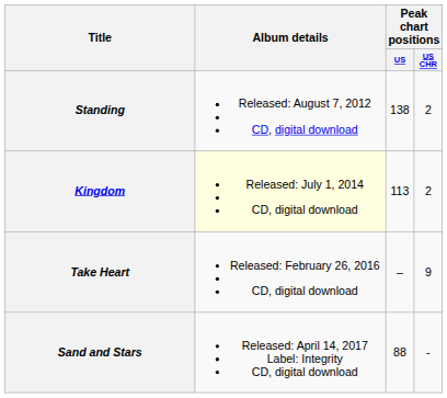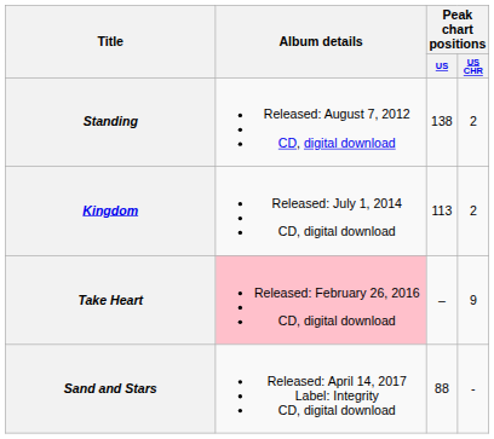 <table class="wikitable sortable plainrowheaders" style="text-align:center;">
 <tr>
 <th scope="col" rowspan="2" style="width:16em;">Title</th>
 <th scope="col" rowspan="2" style="width:16em;">Album details</th>
 <th scope="col" colspan="2">Peak chart positions</th>
 </tr>
 <tr>
 <th style="width:3em; font-size:70%"><a href='#'>US</a></th>
 <th style="width:3em; font-size:70%"><a href='#'>US<br>CHR</a></th>
 </tr>
 <tr>
 <th scope="row"><em>Standing</em></th>
 <td><br><ul><li>Released: August 7, 2012</li><li></li><li><a href='#'>CD</a>, <a href='#'>digital download</a></li></ul></td>
 <td>138</td>
 <td>2</td>
 </tr>
 <tr>
 <th scope="row"><em><a href='#'>Kingdom</a></em></th>
-<td style="background: lightyellow;"><br><ul><li>Released: July 1, 2014</li><li></li><li>CD, digital download</li></ul></td>
+<td><br><ul><li>Released: July 1, 2014</li><li></li><li>CD, digital download</li></ul></td>
 <td>113</td>
 <td>2</td>
 </tr>
 <tr>
 <th scope="row"><em>Take Heart</em></th>
-<td><br><ul><li>Released: February 26, 2016</li><li></li><li>CD, digital download</li></ul></td>
+<td style="background: pink;"><br><ul><li>Released: February 26, 2016</li><li></li><li>CD, digital download</li></ul></td>
 <td>–</td>
 <td>9</td>
 </tr>
 <tr>
 <th><em>Sand and Stars</em></th>
 <td><br><ul><li>Released: April 14, 2017</li><li>Label: Integrity</li><li>CD, digital download</li></ul></td>
 <td>88</td>
 <td>-</td>
 </tr>
 </table>
